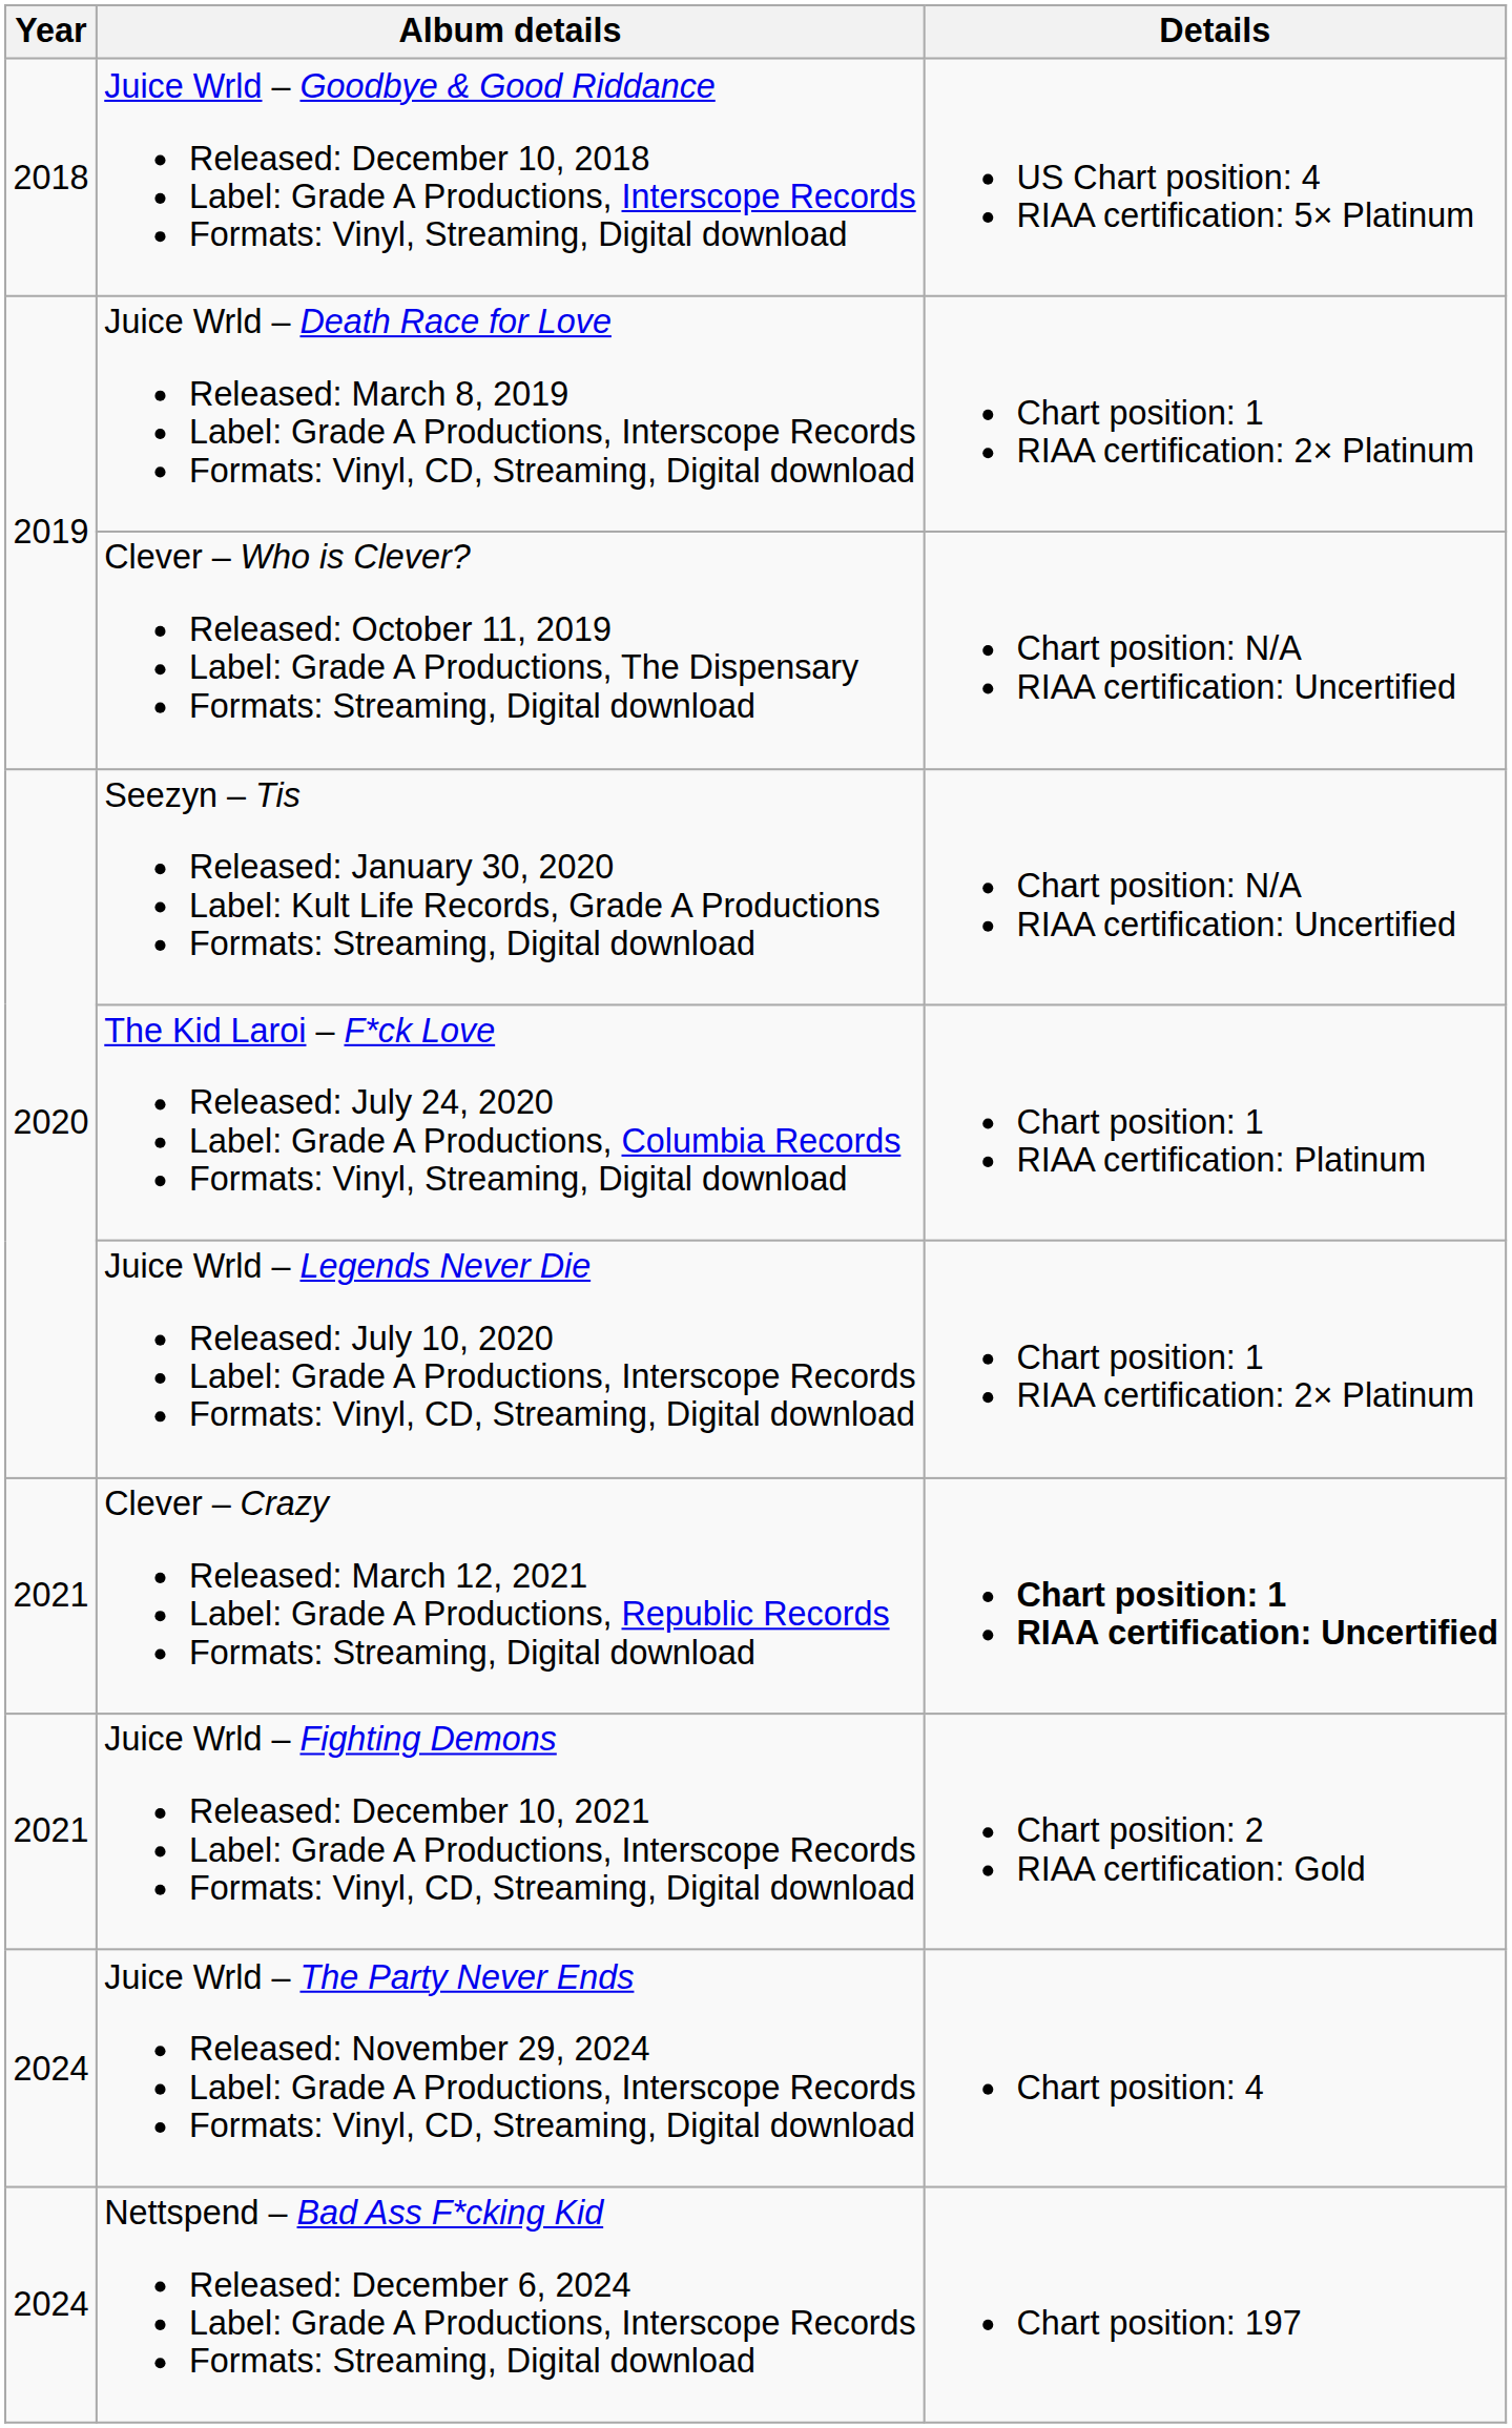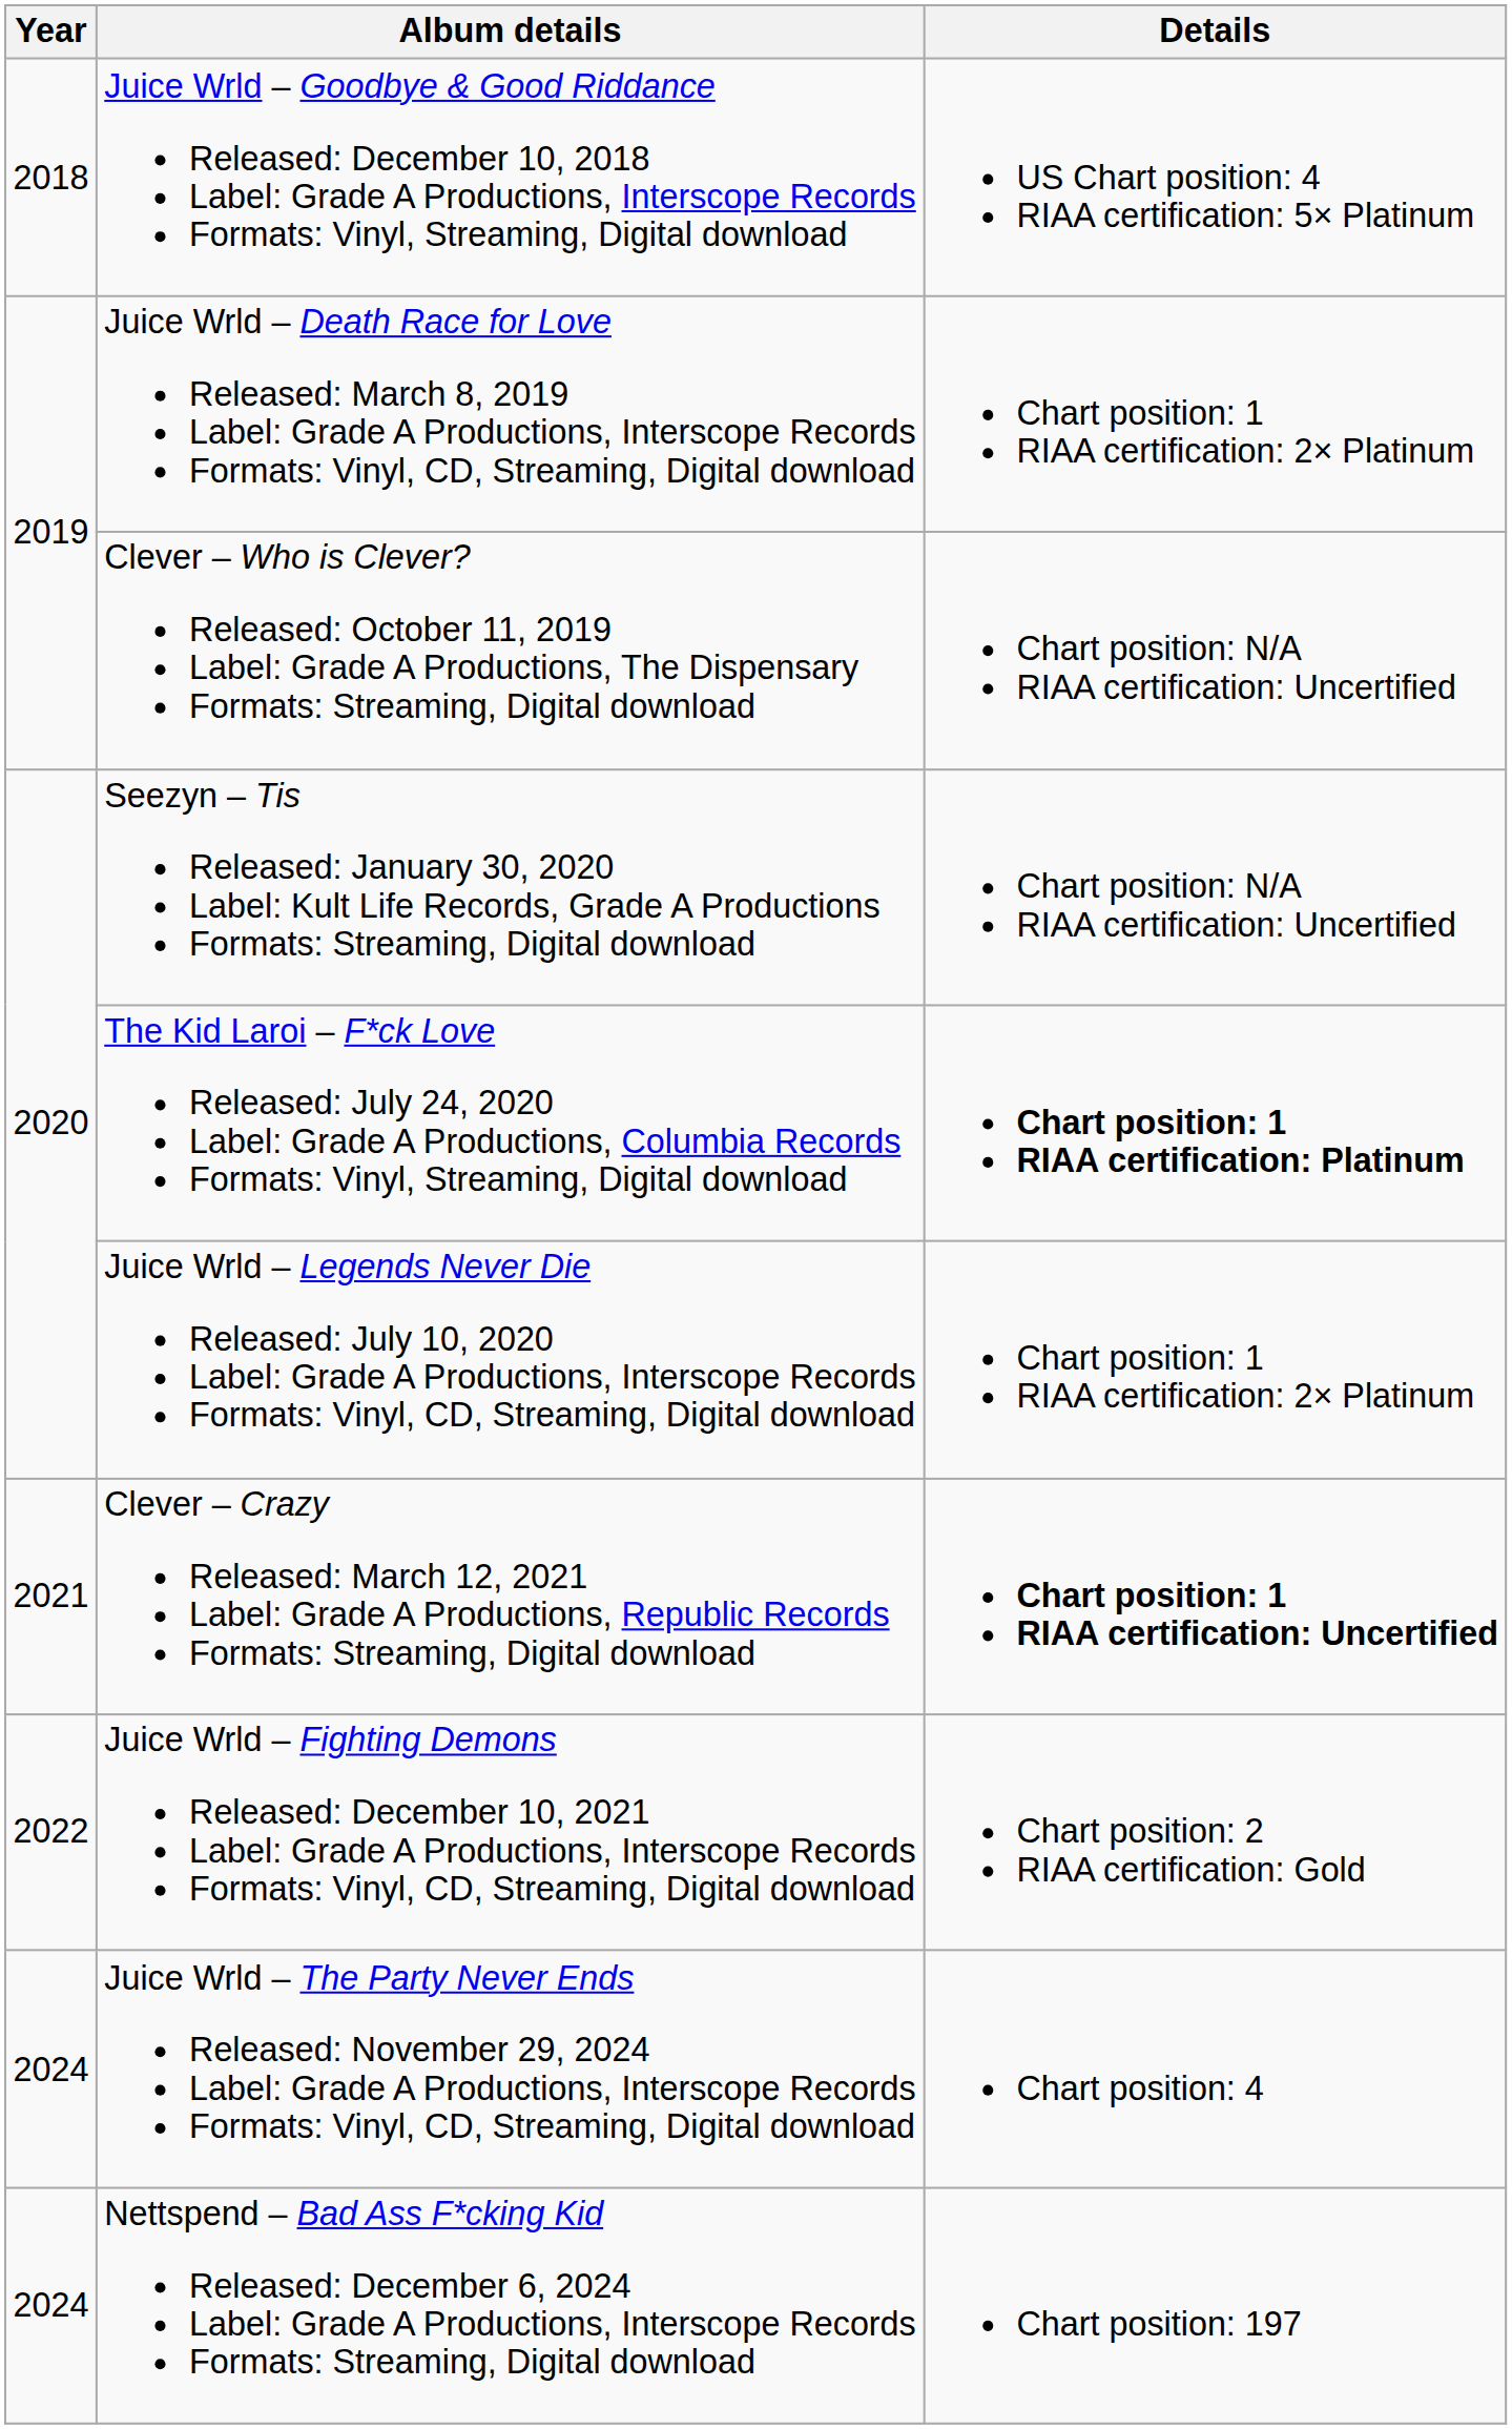 <table class="wikitable sortable">
 <tr>
 <th>Year</th>
 <th class="unsortable">Album details</th>
 <th>Details</th>
 </tr>
 <tr>
 <td>2018</td>
 <td><a href='#'>Juice Wrld</a> – <em><a href='#'>Goodbye & Good Riddance</a></em><br><ul><li>Released: December 10, 2018</li><li>Label: Grade A Productions, <a href='#'>Interscope Records</a></li><li>Formats: Vinyl, Streaming, Digital download</li></ul></td>
 <td><br><ul><li>US Chart position: 4</li><li>RIAA certification: 5× Platinum</li></ul></td>
 </tr>
 <tr>
 <td rowspan="2">2019</td>
 <td>Juice Wrld – <em><a href='#'>Death Race for Love</a></em><br><ul><li>Released: March 8, 2019</li><li>Label: Grade A Productions, Interscope Records</li><li>Formats: Vinyl, CD, Streaming, Digital download</li></ul></td>
 <td><br><ul><li>Chart position: 1</li><li>RIAA certification: 2× Platinum</li></ul></td>
 </tr>
 <tr>
 <td>Clever – <em>Who is Clever?</em><br><ul><li>Released: October 11, 2019</li><li>Label: Grade A Productions, The Dispensary</li><li>Formats: Streaming, Digital download</li></ul></td>
 <td><br><ul><li>Chart position: N/A</li><li>RIAA certification: Uncertified</li></ul></td>
 </tr>
 <tr>
 <td rowspan="3">2020</td>
 <td>Seezyn – <em>Tis</em><br><ul><li>Released: January 30, 2020</li><li>Label: Kult Life Records, Grade A Productions</li><li>Formats: Streaming, Digital download</li></ul></td>
 <td><br><ul><li>Chart position: N/A</li><li>RIAA certification: Uncertified</li></ul></td>
 </tr>
 <tr>
 <td><a href='#'>The Kid Laroi</a> – <em><a href='#'>F*ck Love</a></em><br><ul><li>Released: July 24, 2020</li><li>Label: Grade A Productions, <a href='#'>Columbia Records</a></li><li>Formats: Vinyl, Streaming, Digital download</li></ul></td>
-<td><br><ul><li>Chart position: 1</li><li>RIAA certification: Platinum</li></ul></td>
+<td><strong><br><ul><li>Chart position: 1</li><li>RIAA certification: Platinum</li></ul></strong></td>
 </tr>
 <tr>
 <td>Juice Wrld – <em><a href='#'>Legends Never Die</a></em><br><ul><li>Released: July 10, 2020</li><li>Label: Grade A Productions, Interscope Records</li><li>Formats: Vinyl, CD, Streaming, Digital download</li></ul></td>
 <td><br><ul><li>Chart position: 1</li><li>RIAA certification: 2× Platinum</li></ul></td>
 </tr>
 <tr>
 <td>2021</td>
 <td>Clever – <em>Crazy</em><br><ul><li>Released: March 12, 2021</li><li>Label: Grade A Productions, <a href='#'>Republic Records</a></li><li>Formats: Streaming, Digital download</li></ul></td>
 <td><strong><br><ul><li>Chart position: 1</li><li>RIAA certification: Uncertified</li></ul></strong></td>
 </tr>
 <tr>
-<td>2021</td>
+<td>2022</td>
 <td>Juice Wrld – <em><a href='#'>Fighting Demons</a></em><br><ul><li>Released: December 10, 2021</li><li>Label: Grade A Productions, Interscope Records</li><li>Formats: Vinyl, CD, Streaming, Digital download</li></ul></td>
 <td><br><ul><li>Chart position: 2</li><li>RIAA certification: Gold</li></ul></td>
 </tr>
 <tr>
 <td>2024</td>
 <td>Juice Wrld – <em><a href='#'>The Party Never Ends</a></em><br><ul><li>Released: November 29, 2024</li><li>Label: Grade A Productions, Interscope Records</li><li>Formats: Vinyl, CD, Streaming, Digital download</li></ul></td>
 <td><br><ul><li>Chart position: 4</li></ul></td>
 </tr>
 <tr>
 <td>2024</td>
 <td>Nettspend – <em><a href='#'>Bad Ass F*cking Kid</a></em><br><ul><li>Released: December 6, 2024</li><li>Label: Grade A Productions, Interscope Records</li><li>Formats: Streaming, Digital download</li></ul></td>
 <td><br><ul><li>Chart position: 197</li></ul></td>
 </tr>
 </table>
